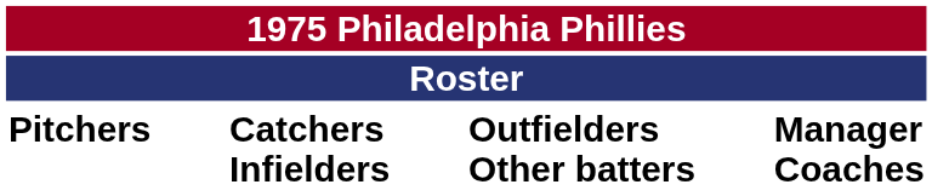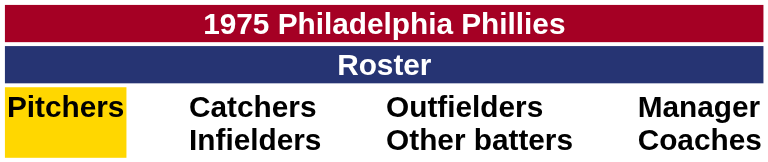 <table class="toccolours" style="font-size: 95%;">
 <tr>
 <th colspan="10" style="background-color: #A50024; color: white; text-align: center;">1975 Philadelphia Phillies</th>
 </tr>
 <tr>
 <td colspan="10" style="background-color: #263473; color: white; text-align: center;"><strong>Roster</strong></td>
 </tr>
 <tr>
-<td valign="top"><strong>Pitchers</strong><br>              </td>
+<td valign="top" style="background: gold;"><strong>Pitchers</strong><br>              </td>
 <td width="25px"></td>
 <td valign="top"><strong>Catchers</strong><br>     <strong>Infielders</strong>        </td>
 <td width="25px"></td>
 <td valign="top"><strong>Outfielders</strong><br>         <strong>Other batters</strong>  </td>
 <td width="25px"></td>
 <td valign="top"><strong>Manager</strong><br> <strong>Coaches</strong>    </td>
 </tr>
 </table>
